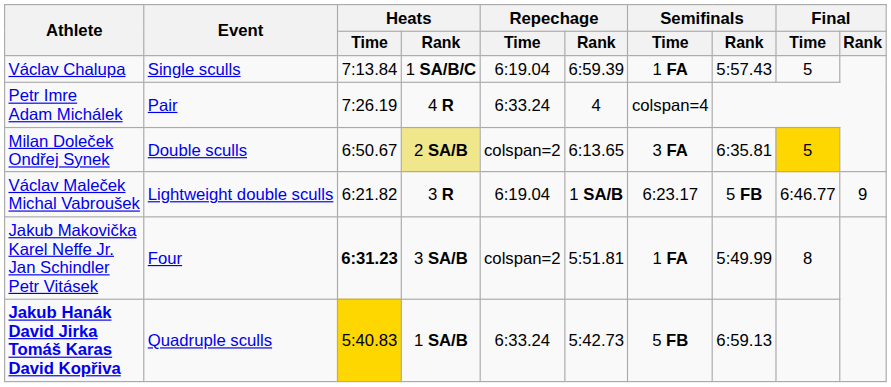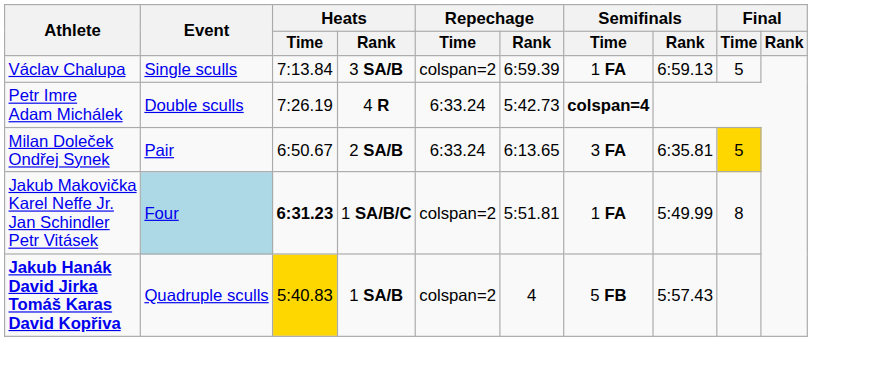 <table class="wikitable" style="font-size:90%;">
 <tr>
 <th rowspan="2">Athlete</th>
 <th rowspan="2">Event</th>
 <th colspan="2">Heats</th>
 <th colspan="2">Repechage</th>
 <th colspan="2">Semifinals</th>
 <th colspan="2">Final</th>
 </tr>
 <tr style="font-size:95%">
 <th>Time</th>
 <th>Rank</th>
 <th>Time</th>
 <th>Rank</th>
 <th>Time</th>
 <th>Rank</th>
 <th>Time</th>
 <th>Rank</th>
 </tr>
 <tr align=center>
 <td align=left><a href='#'>Václav Chalupa</a></td>
 <td align=left><a href='#'>Single sculls</a></td>
 <td>7:13.84</td>
-<td>1 <strong>SA/B/C</strong></td>
-<td>6:19.04</td>
+<td>3 <strong>SA/B</strong></td>
+<td>colspan=2 </td>
 <td>6:59.39</td>
 <td>1 <strong>FA</strong></td>
-<td>5:57.43</td>
+<td>6:59.13</td>
 <td>5</td>
 </tr>
 <tr align=center>
 <td align=left><a href='#'>Petr Imre</a><br><a href='#'>Adam Michálek</a></td>
-<td align=left><a href='#'>Pair</a></td>
+<td align=left><a href='#'>Double sculls</a></td>
 <td>7:26.19</td>
 <td>4 <strong>R</strong></td>
 <td>6:33.24</td>
-<td>4</td>
-<td>colspan=4 </td>
+<td>5:42.73</td>
+<td><strong>colspan=4 </strong></td>
 </tr>
 <tr align=center>
 <td align=left><a href='#'>Milan Doleček</a><br><a href='#'>Ondřej Synek</a></td>
-<td align=left><a href='#'>Double sculls</a></td>
+<td align=left><a href='#'>Pair</a></td>
 <td>6:50.67</td>
-<td style="background: khaki;">2 <strong>SA/B</strong></td>
-<td>colspan=2 </td>
+<td>2 <strong>SA/B</strong></td>
+<td>6:33.24</td>
 <td>6:13.65</td>
 <td>3 <strong>FA</strong></td>
 <td>6:35.81</td>
 <td style="background: gold;">5</td>
 </tr>
 <tr align=center>
-<td align=left><a href='#'>Václav Maleček</a><br><a href='#'>Michal Vabroušek</a></td>
-<td align=left><a href='#'>Lightweight double sculls</a></td>
-<td>6:21.82</td>
-<td>3 <strong>R</strong></td>
-<td>6:19.04</td>
-<td>1 <strong>SA/B</strong></td>
-<td>6:23.17</td>
-<td>5 <strong>FB</strong></td>
-<td>6:46.77</td>
-<td>9</td>
-</tr>
-<tr align=center>
 <td align=left><a href='#'>Jakub Makovička</a><br><a href='#'>Karel Neffe Jr.</a><br><a href='#'>Jan Schindler</a><br><a href='#'>Petr Vitásek</a></td>
-<td align=left><a href='#'>Four</a></td>
+<td align=left style="background: lightblue;"><a href='#'>Four</a></td>
 <td><strong>6:31.23</strong></td>
-<td>3 <strong>SA/B</strong></td>
+<td>1 <strong>SA/B/C</strong></td>
 <td>colspan=2 </td>
 <td>5:51.81</td>
 <td>1 <strong>FA</strong></td>
 <td>5:49.99</td>
 <td>8</td>
 </tr>
 <tr align=center>
 <td align=left><strong><a href='#'>Jakub Hanák</a><br><a href='#'>David Jirka</a><br><a href='#'>Tomáš Karas</a><br><a href='#'>David Kopřiva</a></strong></td>
 <td align=left><a href='#'>Quadruple sculls</a></td>
 <td style="background: gold;">5:40.83</td>
 <td>1 <strong>SA/B</strong></td>
-<td>6:33.24</td>
-<td>5:42.73</td>
+<td>colspan=2 </td>
+<td>4</td>
 <td>5 <strong>FB</strong></td>
-<td>6:59.13</td>
+<td>5:57.43</td>
 <td></td>
 </tr>
 </table>
